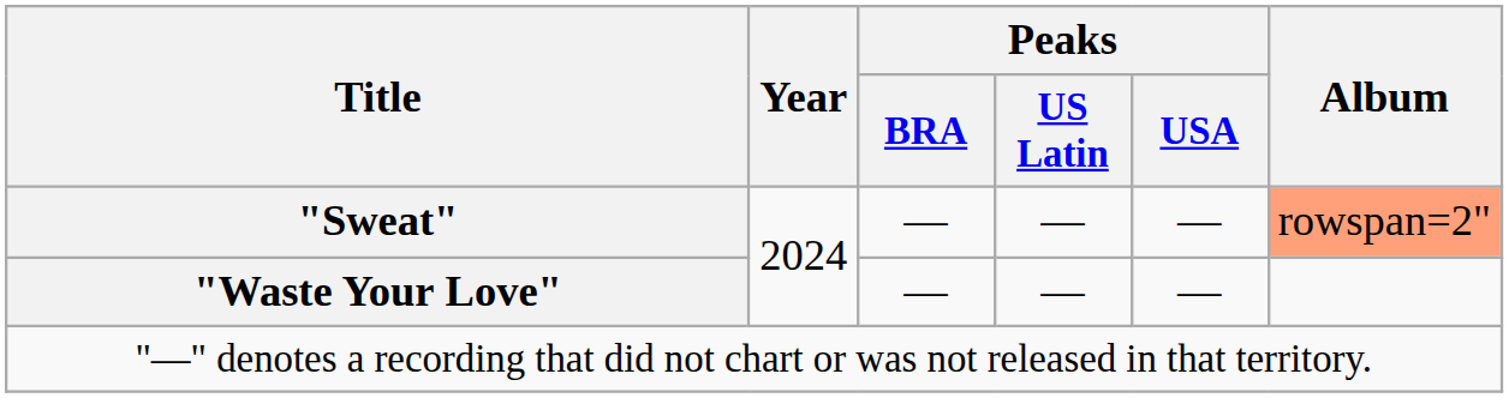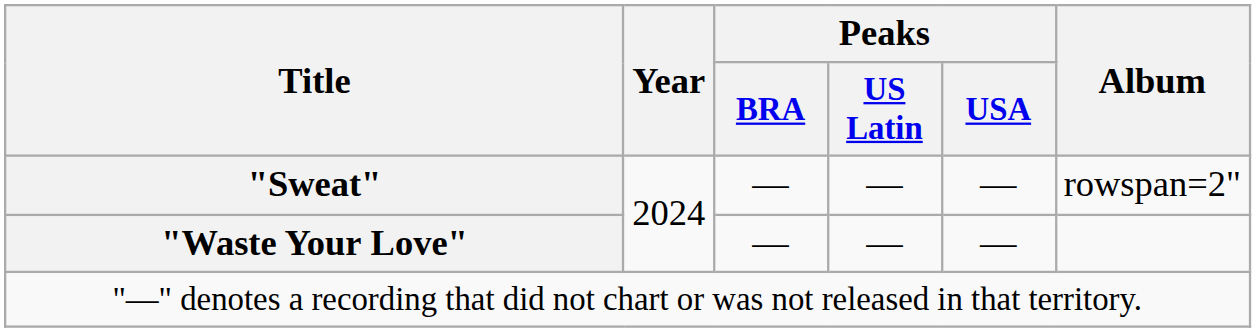 <table class="wikitable plainrowheaders" style="text-align:center;">
 <tr>
 <th scope="col" rowspan="2" style="width:16.5em;">Title</th>
 <th scope="col" rowspan="2" style="width:1em;">Year</th>
 <th scope="col" colspan="3">Peaks</th>
 <th scope="col" rowspan="2">Album</th>
 </tr>
 <tr>
 <th scope="col" style="width:3em;font-size:90%;"><a href='#'>BRA</a></th>
 <th scope="col" style="width:3em;font-size:90%;"><a href='#'>US<br>Latin</a></th>
 <th scope="col" style="width:3em;font-size:90%;"><a href='#'>USA</a></th>
 </tr>
 <tr>
 <th scope="row">"Sweat"</th>
 <td rowspan="2">2024</td>
 <td>—</td>
 <td>—</td>
 <td>—</td>
-<td style="background: lightsalmon;">rowspan=2" </td>
+<td>rowspan=2" </td>
 </tr>
 <tr>
 <th scope="row">"Waste Your Love"</th>
 <td>—</td>
 <td>—</td>
 <td>—</td>
 </tr>
 <tr>
 <td colspan="14" style="font-size:90%">"—" denotes a recording that did not chart or was not released in that territory.</td>
 </tr>
 </table>
